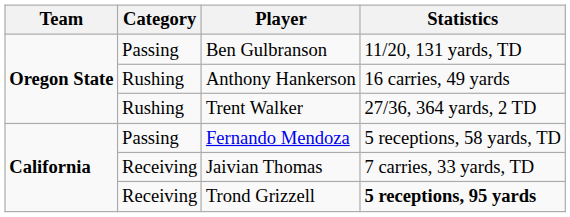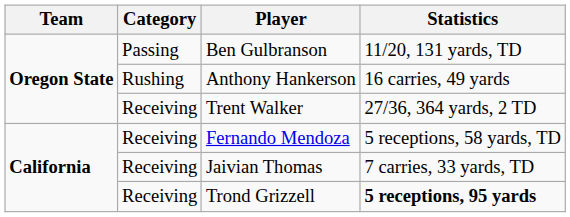 <table class="wikitable" style="float: right;">
 <tr>
 <th>Team</th>
 <th>Category</th>
 <th>Player</th>
 <th>Statistics</th>
 </tr>
 <tr>
 <td rowspan=3><strong>Oregon State</strong></td>
 <td>Passing</td>
 <td>Ben Gulbranson</td>
 <td>11/20, 131 yards, TD</td>
 </tr>
 <tr>
 <td>Rushing</td>
 <td>Anthony Hankerson</td>
 <td>16 carries, 49 yards</td>
 </tr>
 <tr>
-<td>Rushing</td>
+<td>Receiving</td>
 <td>Trent Walker</td>
 <td>27/36, 364 yards, 2 TD</td>
 </tr>
 <tr>
 <td rowspan=3><strong>California</strong></td>
-<td>Passing</td>
+<td>Receiving</td>
 <td><a href='#'>Fernando Mendoza</a></td>
 <td>5 receptions, 58 yards, TD</td>
 </tr>
 <tr>
 <td>Receiving</td>
 <td>Jaivian Thomas</td>
 <td>7 carries, 33 yards, TD</td>
 </tr>
 <tr>
 <td>Receiving</td>
 <td>Trond Grizzell</td>
 <td><strong>5 receptions, 95 yards</strong></td>
 </tr>
 </table>
